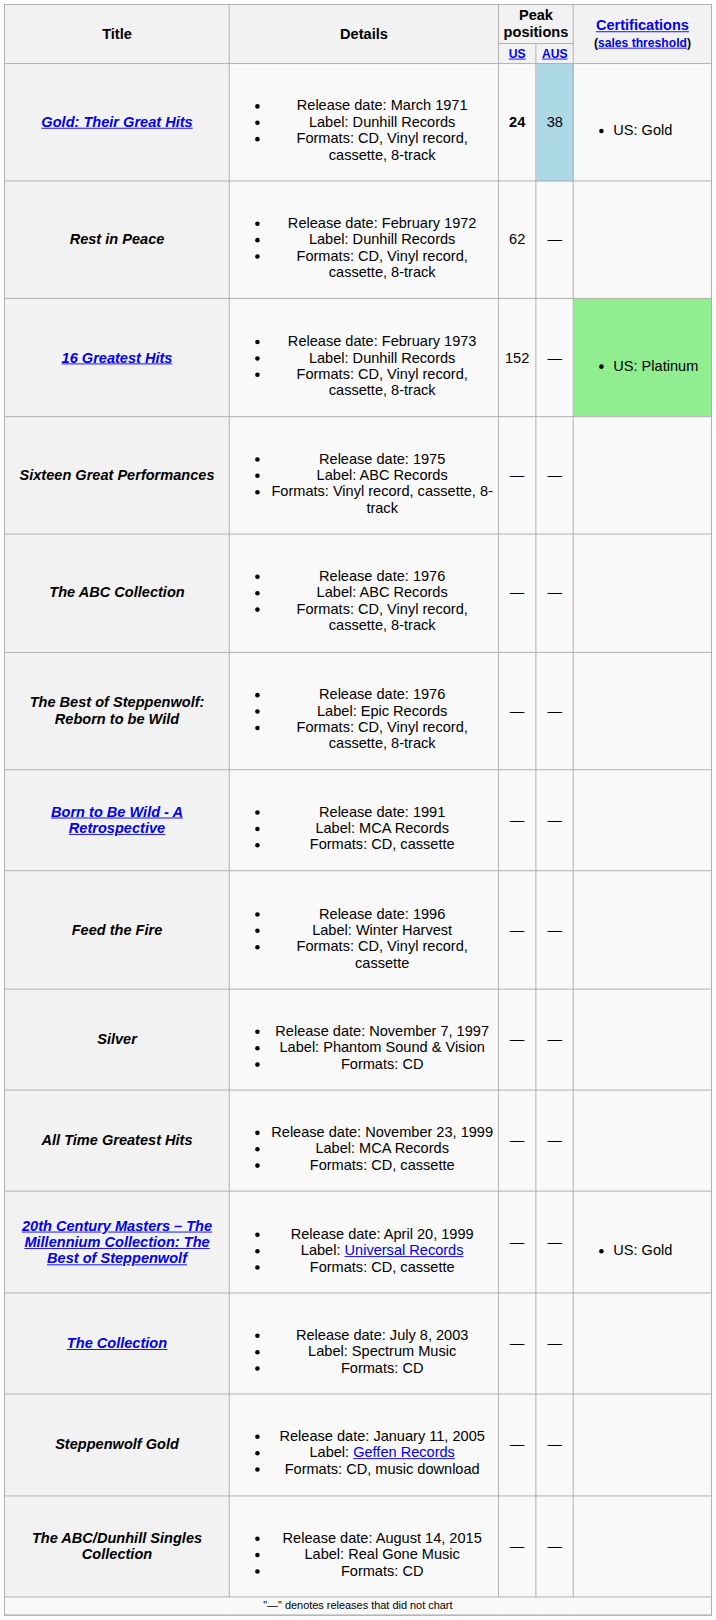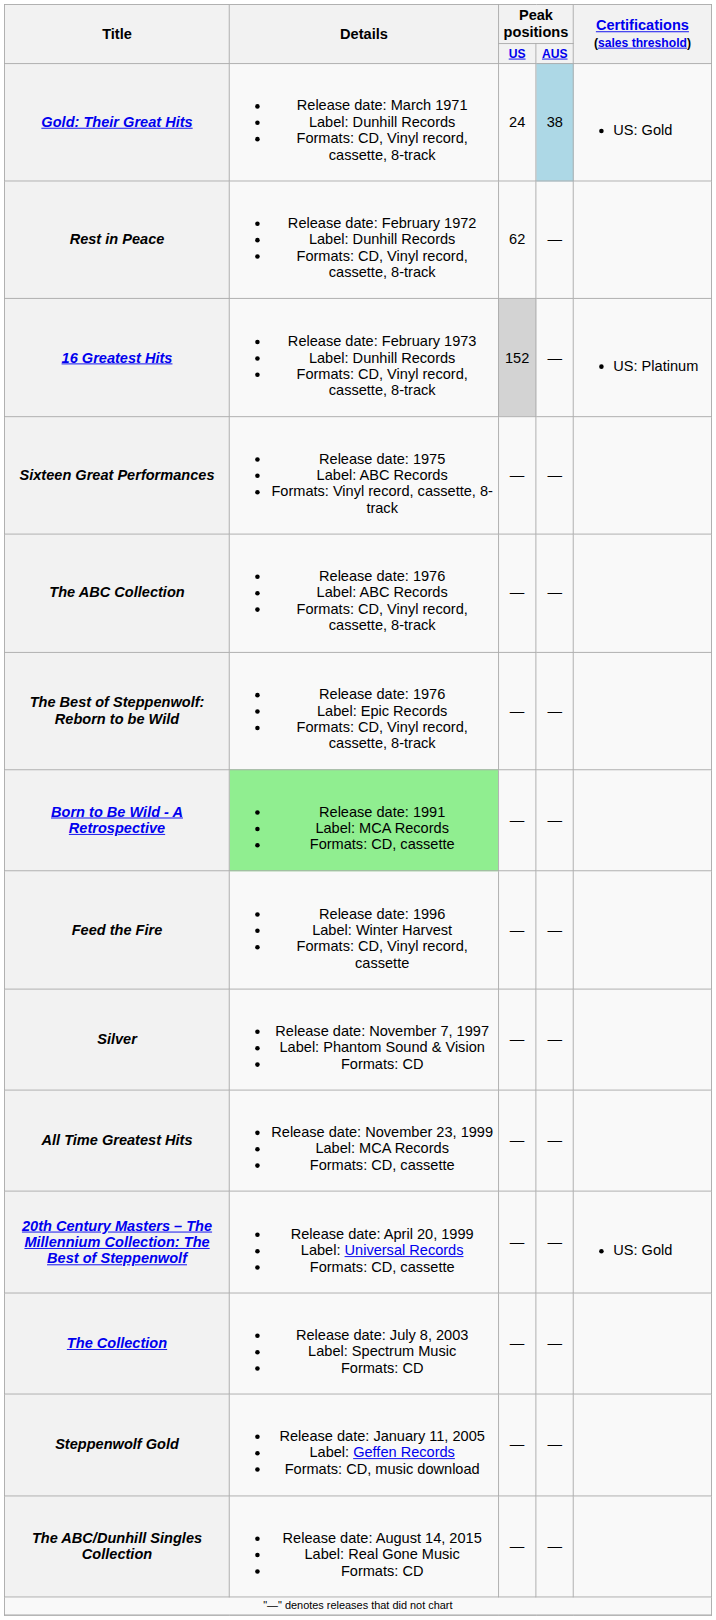 <table class="wikitable plainrowheaders" style="text-align:center;">
 <tr>
 <th rowspan="2" style="width:15em;">Title</th>
 <th rowspan="2" style="width:18em;">Details</th>
 <th colspan="2">Peak positions</th>
 <th rowspan="2" style="width:9em;"><a href='#'>Certifications</a><br><small>(<a href='#'>sales threshold</a>)</small></th>
 </tr>
 <tr style="font-size:smaller;">
 <th width="35"><a href='#'>US</a><br></th>
 <th width="35"><a href='#'>AUS</a><br></th>
 </tr>
 <tr>
 <th scope="row"><em><a href='#'>Gold: Their Great Hits</a></em></th>
 <td><br><ul><li>Release date: March 1971</li><li>Label: Dunhill Records</li><li>Formats: CD, Vinyl record, cassette, 8-track</li></ul></td>
-<td><strong>24</strong></td>
+<td>24</td>
 <td style="background: lightblue;">38</td>
 <td align="left"><br><ul><li>US: Gold</li></ul></td>
 </tr>
 <tr>
 <th scope="row"><em>Rest in Peace</em></th>
 <td><br><ul><li>Release date: February 1972</li><li>Label: Dunhill Records</li><li>Formats: CD, Vinyl record, cassette, 8-track</li></ul></td>
 <td>62</td>
 <td>—</td>
 <td></td>
 </tr>
 <tr>
 <th scope="row"><em><a href='#'>16 Greatest Hits</a></em></th>
 <td><br><ul><li>Release date: February 1973</li><li>Label: Dunhill Records</li><li>Formats: CD, Vinyl record, cassette, 8-track</li></ul></td>
-<td>152</td>
+<td style="background: lightgrey;">152</td>
 <td>—</td>
-<td align="left" style="background: lightgreen;"><br><ul><li>US: Platinum</li></ul></td>
+<td align="left"><br><ul><li>US: Platinum</li></ul></td>
 </tr>
 <tr>
 <th scope="row"><em>Sixteen Great Performances</em></th>
 <td><br><ul><li>Release date: 1975</li><li>Label: ABC Records</li><li>Formats: Vinyl record, cassette, 8-track</li></ul></td>
 <td>—</td>
 <td>—</td>
 <td></td>
 </tr>
 <tr>
 <th scope="row"><em>The ABC Collection</em></th>
 <td><br><ul><li>Release date: 1976</li><li>Label: ABC Records</li><li>Formats: CD, Vinyl record, cassette, 8-track</li></ul></td>
 <td>—</td>
 <td>—</td>
 <td></td>
 </tr>
 <tr>
 <th scope="row"><em>The Best of Steppenwolf: Reborn to be Wild</em></th>
 <td><br><ul><li>Release date: 1976</li><li>Label: Epic Records</li><li>Formats: CD, Vinyl record, cassette, 8-track</li></ul></td>
 <td>—</td>
 <td>—</td>
 <td></td>
 </tr>
 <tr>
 <th scope="row"><em><a href='#'>Born to Be Wild - A Retrospective</a></em></th>
-<td><br><ul><li>Release date: 1991</li><li>Label: MCA Records</li><li>Formats: CD, cassette</li></ul></td>
+<td style="background: lightgreen;"><br><ul><li>Release date: 1991</li><li>Label: MCA Records</li><li>Formats: CD, cassette</li></ul></td>
 <td>—</td>
 <td>—</td>
 <td></td>
 </tr>
 <tr>
 <th scope="row"><em>Feed the Fire</em></th>
 <td><br><ul><li>Release date: 1996</li><li>Label: Winter Harvest</li><li>Formats: CD, Vinyl record, cassette</li></ul></td>
 <td>—</td>
 <td>—</td>
 <td></td>
 </tr>
 <tr>
 <th scope="row"><em>Silver</em></th>
 <td><br><ul><li>Release date: November 7, 1997</li><li>Label: Phantom Sound & Vision</li><li>Formats: CD</li></ul></td>
 <td>—</td>
 <td>—</td>
 <td></td>
 </tr>
 <tr>
 <th scope="row"><em>All Time Greatest Hits</em></th>
 <td><br><ul><li>Release date: November 23, 1999</li><li>Label: MCA Records</li><li>Formats: CD, cassette</li></ul></td>
 <td>—</td>
 <td>—</td>
 <td></td>
 </tr>
 <tr>
 <th scope="row"><em><a href='#'>20th Century Masters – The Millennium Collection: The Best of Steppenwolf</a></em></th>
 <td><br><ul><li>Release date: April 20, 1999</li><li>Label: <a href='#'>Universal Records</a></li><li>Formats: CD, cassette</li></ul></td>
 <td>—</td>
 <td>—</td>
 <td align="left"><br><ul><li>US: Gold</li></ul></td>
 </tr>
 <tr>
 <th scope="row"><em><a href='#'>The Collection</a></em></th>
 <td><br><ul><li>Release date: July 8, 2003</li><li>Label: Spectrum Music</li><li>Formats: CD</li></ul></td>
 <td>—</td>
 <td>—</td>
 <td></td>
 </tr>
 <tr>
 <th scope="row"><em>Steppenwolf Gold</em></th>
 <td><br><ul><li>Release date: January 11, 2005</li><li>Label: <a href='#'>Geffen Records</a></li><li>Formats: CD, music download</li></ul></td>
 <td>—</td>
 <td>—</td>
 <td></td>
 </tr>
 <tr>
 <th scope="row"><em>The ABC/Dunhill Singles Collection</em></th>
 <td><br><ul><li>Release date: August 14, 2015</li><li>Label: Real Gone Music</li><li>Formats: CD</li></ul></td>
 <td>—</td>
 <td>—</td>
 <td></td>
 </tr>
 <tr>
 <td colspan="10" style="font-size:9pt">"—" denotes releases that did not chart</td>
 </tr>
 <tr>
 </tr>
 </table>
